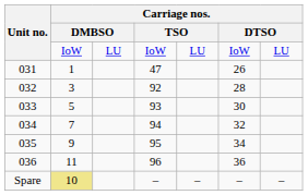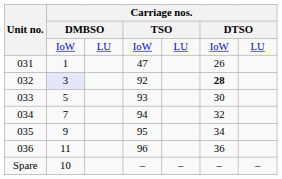 <table class="wikitable">
 <tr>
 <th rowspan=3>Unit no.</th>
 <th colspan=6>Carriage nos.</th>
 </tr>
 <tr>
 <th colspan=2>DMBSO</th>
 <th colspan=2>TSO</th>
 <th colspan=2>DTSO</th>
 </tr>
 <tr align=center>
 <td width=50><a href='#'>IoW</a></td>
 <td width=50><a href='#'>LU</a></td>
 <td width=50><a href='#'>IoW</a></td>
 <td width=50><a href='#'>LU</a></td>
 <td width=50><a href='#'>IoW</a></td>
 <td width=50><a href='#'>LU</a></td>
 </tr>
 <tr align=center>
 <td>031</td>
 <td>1</td>
 <td></td>
 <td>47</td>
 <td></td>
 <td>26</td>
 <td></td>
 </tr>
 <tr align=center>
 <td>032</td>
-<td>3</td>
+<td style="background: lavender;">3</td>
 <td></td>
 <td>92</td>
 <td></td>
-<td>28</td>
+<td><strong>28</strong></td>
 <td></td>
 </tr>
 <tr align=center>
 <td>033</td>
 <td>5</td>
 <td></td>
 <td>93</td>
 <td></td>
 <td>30</td>
 <td></td>
 </tr>
 <tr align=center>
 <td>034</td>
 <td>7</td>
 <td></td>
 <td>94</td>
 <td></td>
 <td>32</td>
 <td></td>
 </tr>
 <tr align=center>
 <td>035</td>
 <td>9</td>
 <td></td>
 <td>95</td>
 <td></td>
 <td>34</td>
 <td></td>
 </tr>
 <tr align=center>
 <td>036</td>
 <td>11</td>
 <td></td>
 <td>96</td>
 <td></td>
 <td>36</td>
 <td></td>
 </tr>
 <tr align=center>
 <td>Spare</td>
-<td style="background: khaki;">10</td>
+<td>10</td>
 <td></td>
 <td>–</td>
 <td>–</td>
 <td>–</td>
 <td>–</td>
 </tr>
 </table>
